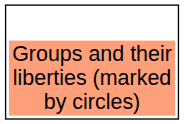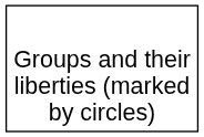 <table style="margin:1em;border: solid thin;width: 130px;float: right;">
 <tr>
 <td style="padding: 2px;"><br></td>
 </tr>
 <tr>
-<td style="background: lightsalmon; text-align:center">Groups and their liberties (marked by circles)</td>
+<td style="text-align:center">Groups and their liberties (marked by circles)</td>
 </tr>
 </table>
